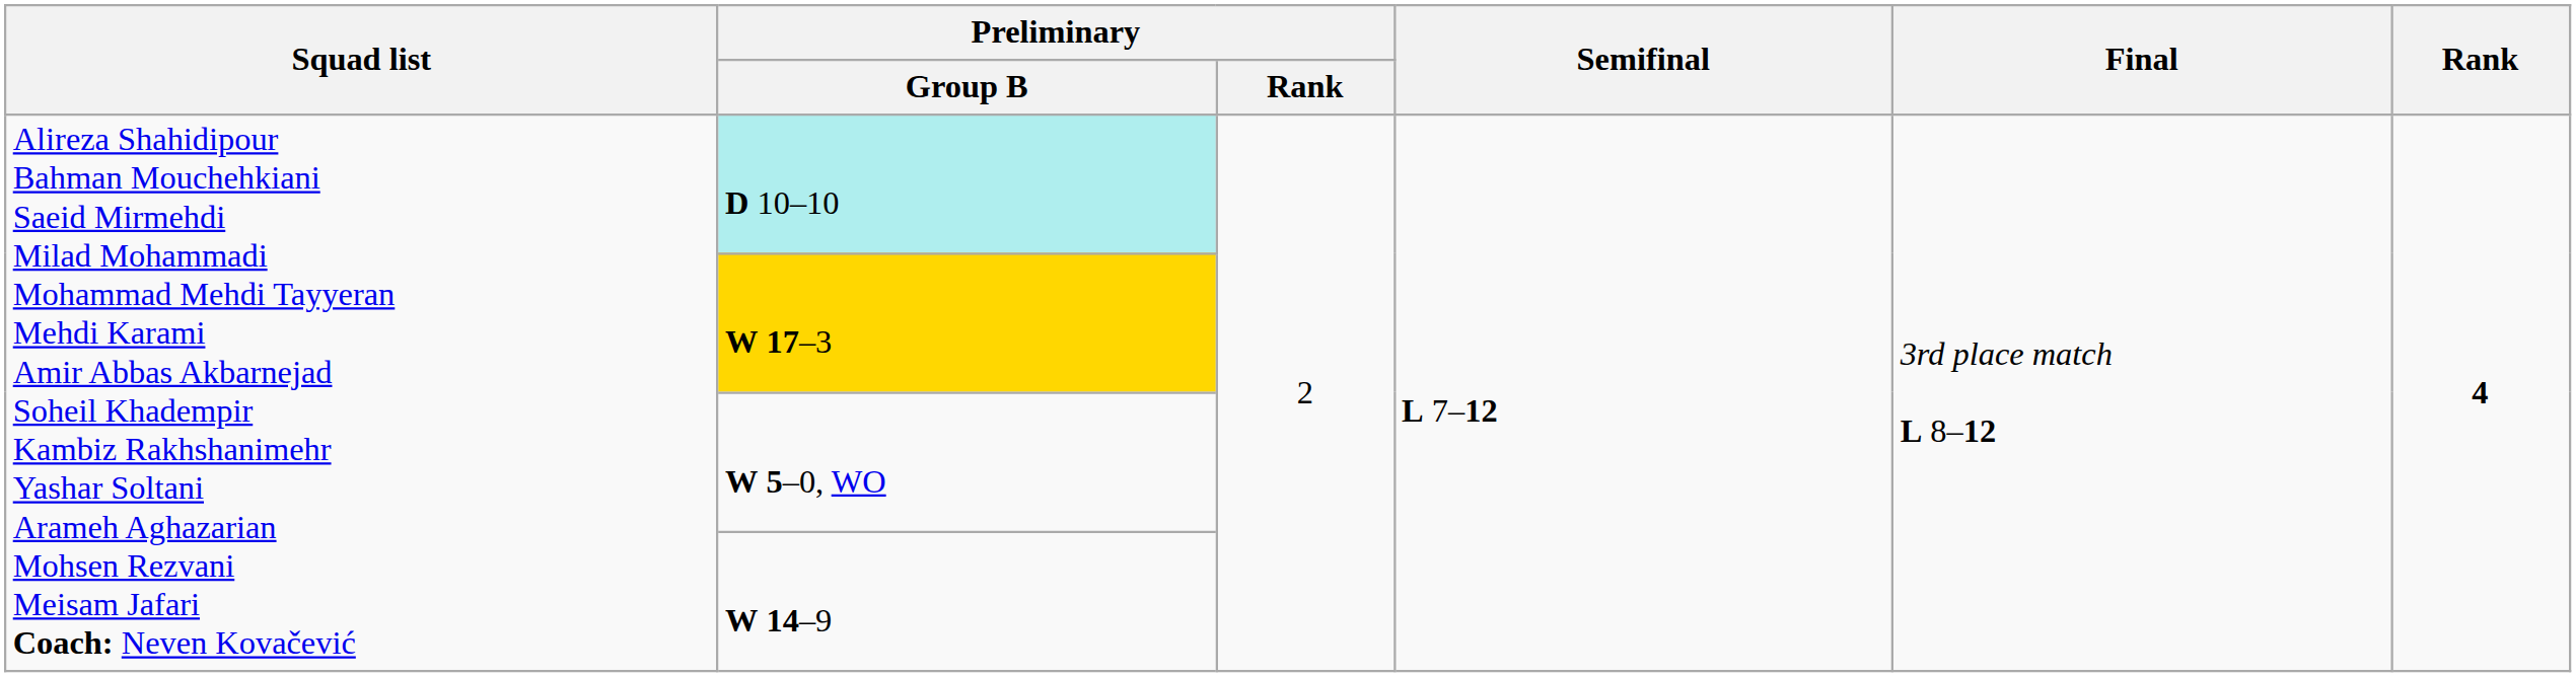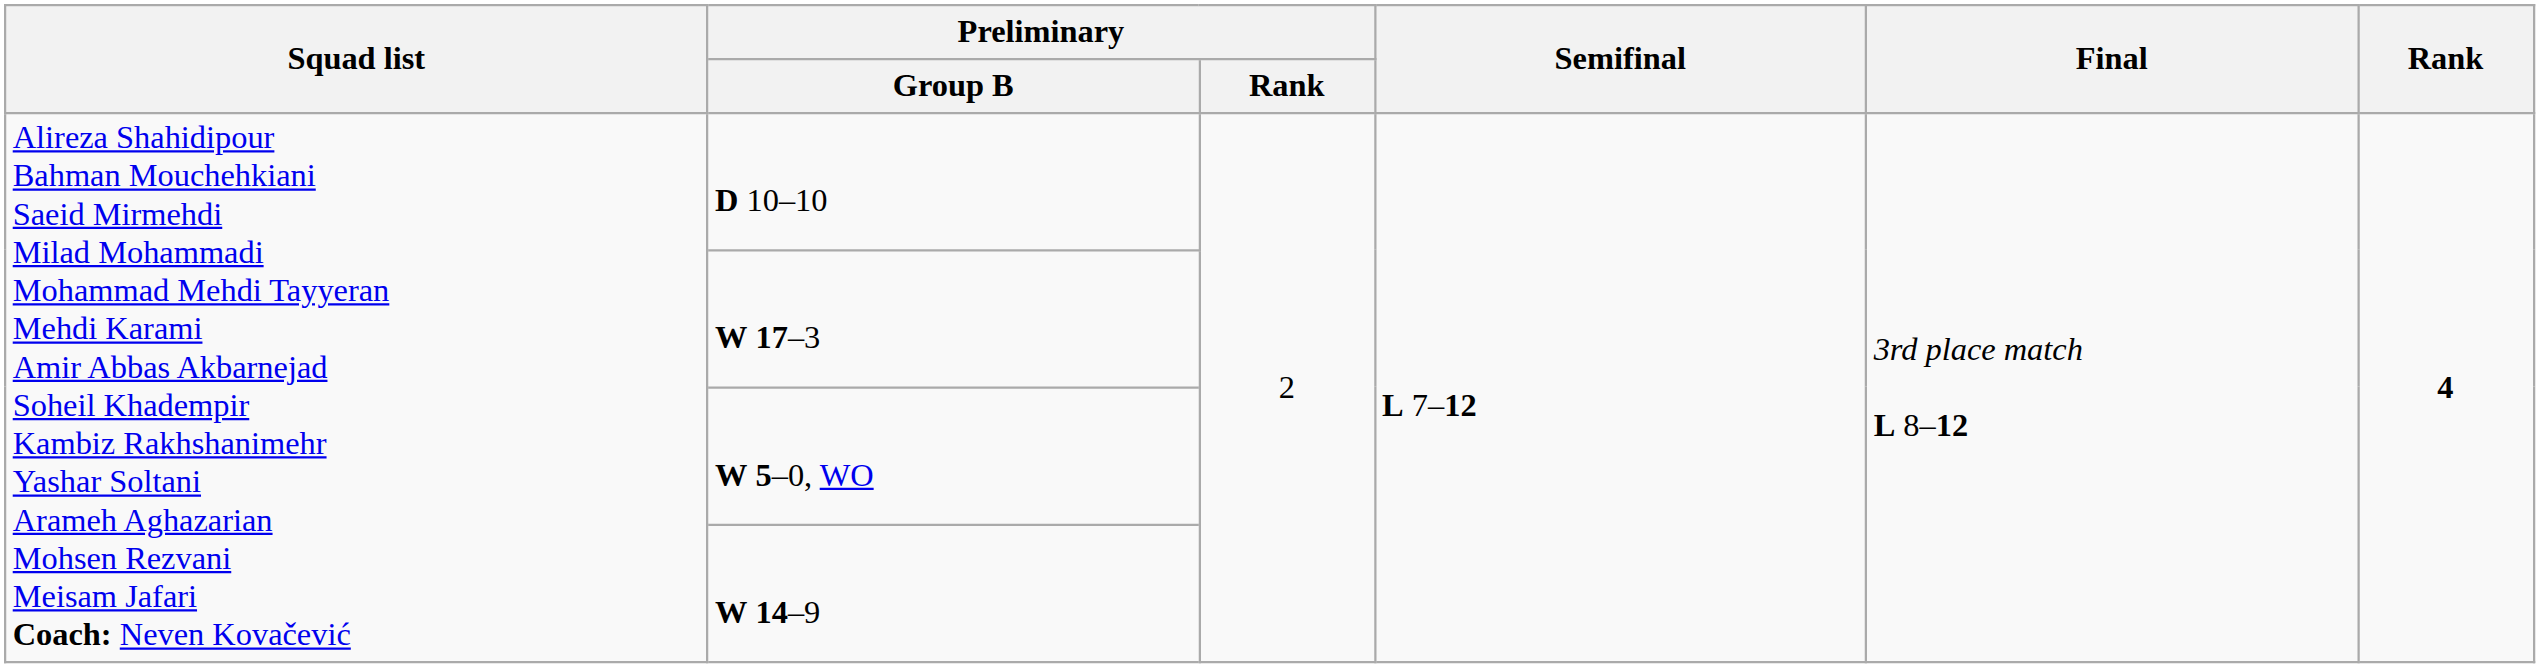 <table class="wikitable" width="71%" style="text-align:left; font-size:90%">
 <tr>
 <th rowspan="2" width="20%">Squad list</th>
 <th colspan="2">Preliminary</th>
 <th rowspan="2" width="14%">Semifinal</th>
 <th rowspan="2" width="14%">Final</th>
 <th rowspan="2" width="5%">Rank</th>
 </tr>
 <tr>
 <th width="14%">Group B</th>
 <th width="5%">Rank</th>
 </tr>
 <tr>
 <td rowspan="4"><a href='#'>Alireza Shahidipour</a><br><a href='#'>Bahman Mouchehkiani</a><br><a href='#'>Saeid Mirmehdi</a><br><a href='#'>Milad Mohammadi</a><br><a href='#'>Mohammad Mehdi Tayyeran</a><br><a href='#'>Mehdi Karami</a><br><a href='#'>Amir Abbas Akbarnejad</a><br><a href='#'>Soheil Khadempir</a><br><a href='#'>Kambiz Rakhshanimehr</a><br><a href='#'>Yashar Soltani</a><br><a href='#'>Arameh Aghazarian</a><br><a href='#'>Mohsen Rezvani</a><br><a href='#'>Meisam Jafari</a><br><strong>Coach:</strong>  <a href='#'>Neven Kovačević</a></td>
-<td style="background: paleturquoise;"><br><strong>D</strong> 10–10</td>
+<td><br><strong>D</strong> 10–10</td>
 <td rowspan="4" align=center>2 <strong></strong></td>
 <td rowspan="4"><br><strong>L</strong> 7–<strong>12</strong></td>
 <td rowspan="4"><em>3rd place match</em><br><br><strong>L</strong> 8–<strong>12</strong></td>
 <td rowspan="4" align="center"><strong>4</strong></td>
 </tr>
 <tr>
-<td style="background: gold;"><br><strong>W</strong> <strong>17</strong>–3</td>
+<td><br><strong>W</strong> <strong>17</strong>–3</td>
 </tr>
 <tr>
 <td><br><strong>W</strong> <strong>5</strong>–0, <a href='#'>WO</a></td>
 </tr>
 <tr>
 <td><br><strong>W</strong> <strong>14</strong>–9</td>
 </tr>
 </table>
